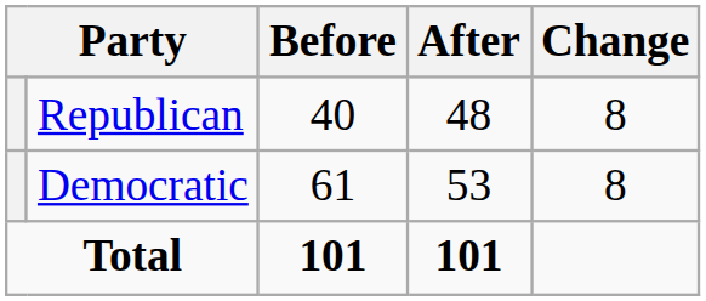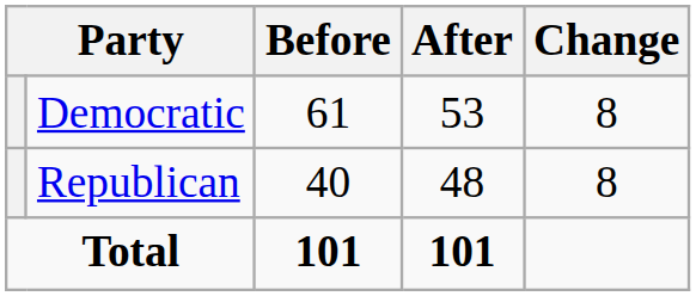 <table class="wikitable" style="text-align:center;">
 <tr>
 <th colspan="2">Party</th>
 <th>Before</th>
 <th>After</th>
 <th>Change</th>
 </tr>
 <tr>
 <th style="background-color:"></th>
-<td style="text-align:left;"><a href='#'>Republican</a></td>
-<td>40</td>
-<td>48</td>
+<td style="text-align:left;"><a href='#'>Democratic</a></td>
+<td>61</td>
+<td>53</td>
 <td> 8</td>
 </tr>
 <tr>
 <th style="background-color:"></th>
-<td style="text-align:left;"><a href='#'>Democratic</a></td>
-<td>61</td>
-<td>53</td>
+<td style="text-align:left;"><a href='#'>Republican</a></td>
+<td>40</td>
+<td>48</td>
 <td> 8</td>
 </tr>
 <tr>
 <td colspan="2"><strong>Total</strong></td>
 <td><strong>101</strong></td>
 <td><strong>101</strong></td>
 <td></td>
 </tr>
 </table>
